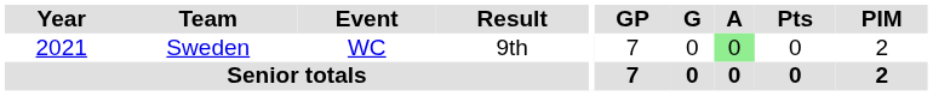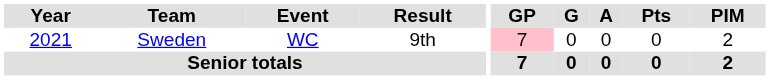 <table border="0" cellpadding="1" cellspacing="0" ID="Table3" style="text-align:center; width:40em">
 <tr ALIGN="center" bgcolor="#e0e0e0">
 <th>Year</th>
 <th>Team</th>
 <th>Event</th>
 <th>Result</th>
 <th rowspan="99" bgcolor="#ffffff"></th>
 <th>GP</th>
 <th>G</th>
 <th>A</th>
 <th>Pts</th>
 <th>PIM</th>
 </tr>
 <tr>
 <td><a href='#'>2021</a></td>
 <td><a href='#'>Sweden</a></td>
 <td><a href='#'>WC</a></td>
 <td>9th</td>
-<td>7</td>
+<td style="background: pink;">7</td>
 <td>0</td>
-<td style="background: lightgreen;">0</td>
+<td>0</td>
 <td>0</td>
 <td>2</td>
 </tr>
 <tr bgcolor="#e0e0e0">
 <th colspan="4">Senior totals</th>
 <th>7</th>
 <th>0</th>
 <th>0</th>
 <th>0</th>
 <th>2</th>
 </tr>
 </table>
